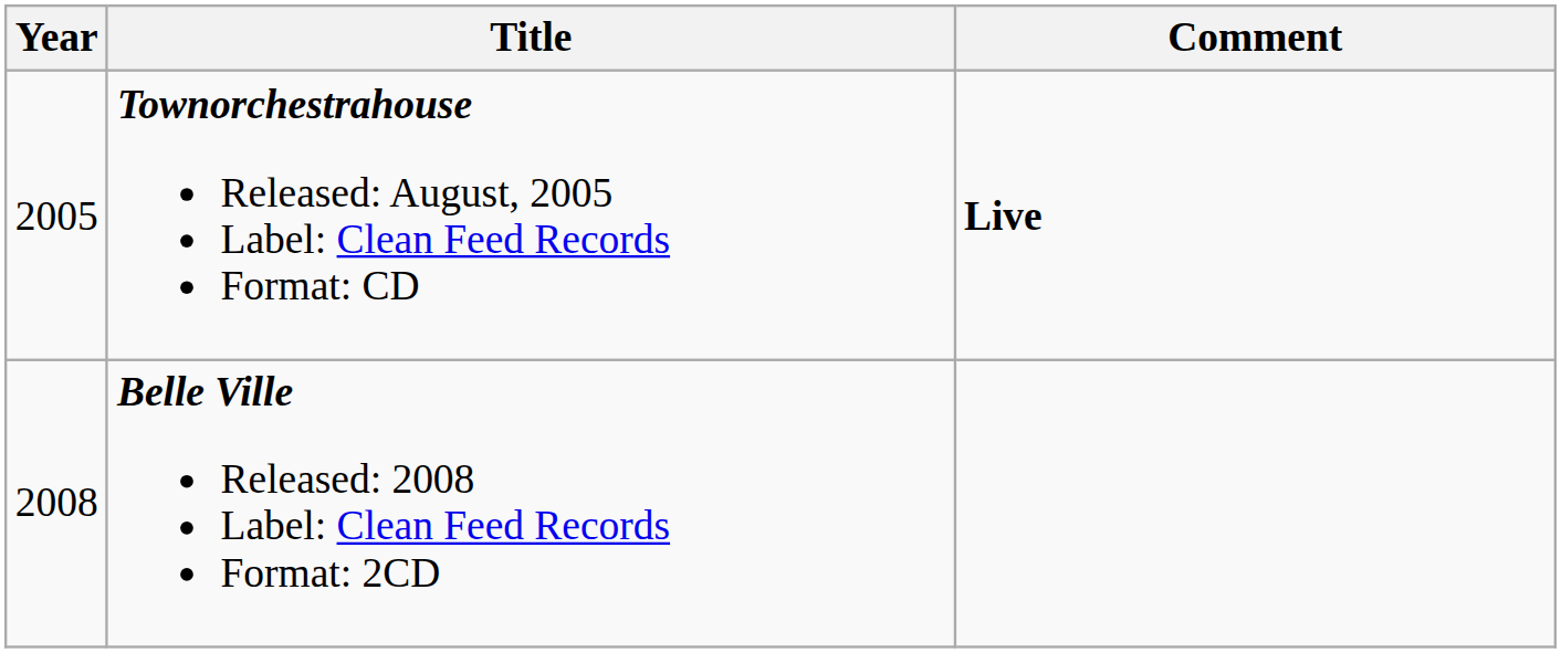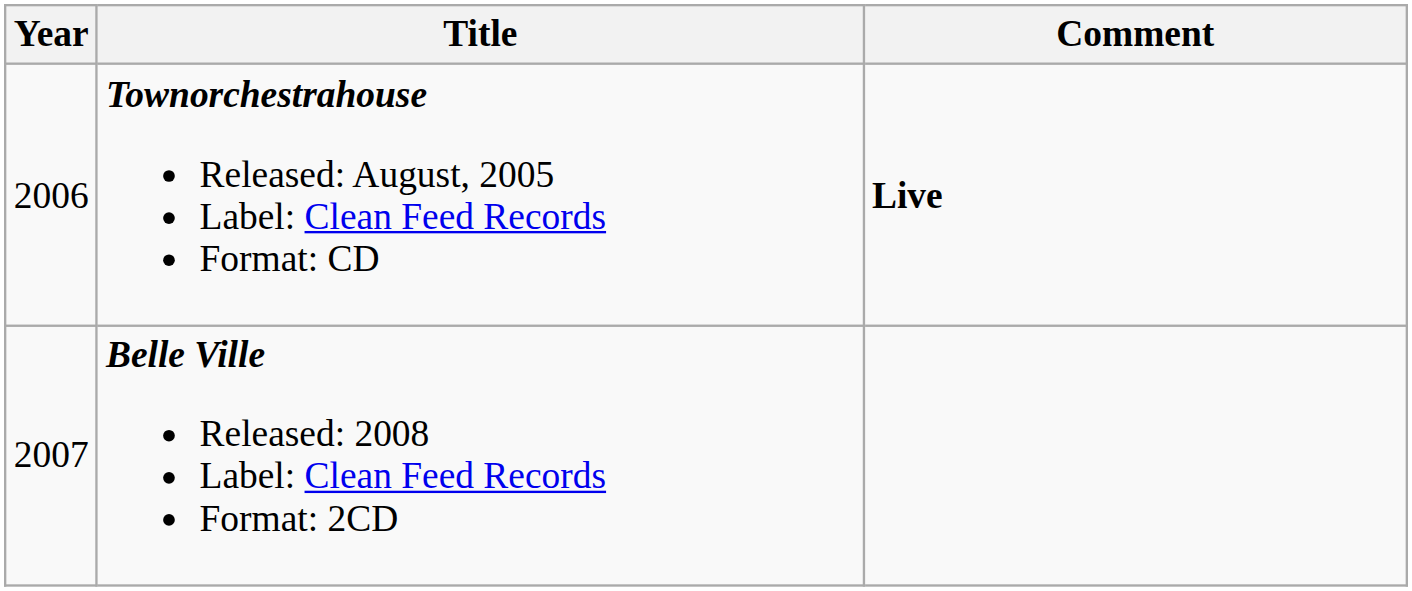 <table class="wikitable">
 <tr>
 <th>Year</th>
 <th style="width:225px;">Title</th>
 <th style="width:225px;">Comment</th>
 </tr>
 <tr>
-<td>2005</td>
+<td>2006</td>
 <td><strong><em>Townorchestrahouse</em></strong><br><ul><li>Released: August, 2005</li><li>Label: <a href='#'>Clean Feed Records</a> </li><li>Format: CD</li></ul></td>
 <td><strong>Live</strong></td>
 </tr>
 <tr>
-<td>2008</td>
+<td>2007</td>
 <td style="width:20em"><strong><em>Belle Ville</em></strong><br><ul><li>Released: 2008</li><li>Label: <a href='#'>Clean Feed Records</a> </li><li>Format: 2CD</li></ul></td>
 <td></td>
 </tr>
 </table>
